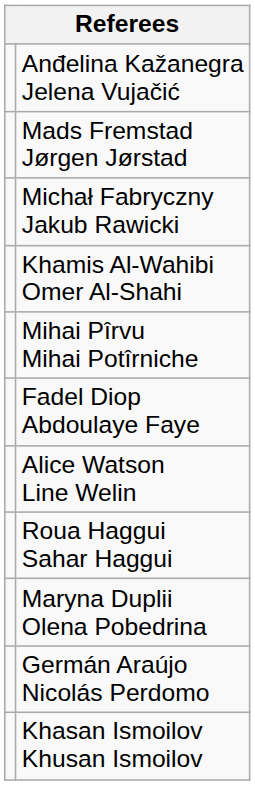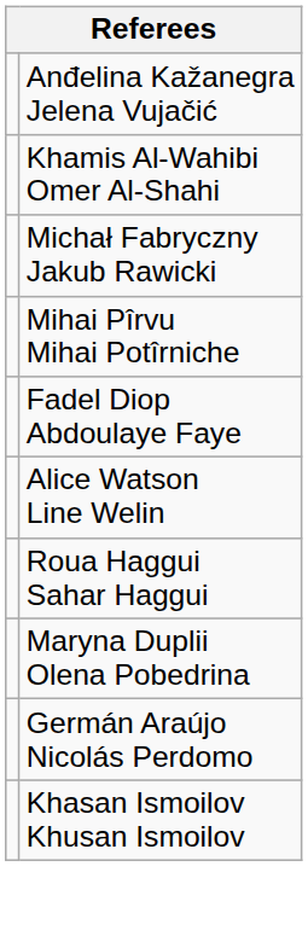 <table class="wikitable" style="display: inline-table;">
 <tr>
 <th colspan="2">Referees</th>
 </tr>
 <tr>
 <td></td>
 <td>Anđelina Kažanegra<br>Jelena Vujačić</td>
 </tr>
 <tr>
 <td></td>
-<td>Mads Fremstad<br>Jørgen Jørstad</td>
+<td>Khamis Al-Wahibi<br>Omer Al-Shahi</td>
 </tr>
 <tr>
 <td></td>
 <td>Michał Fabryczny<br>Jakub Rawicki</td>
-</tr>
-<tr>
-<td></td>
-<td>Khamis Al-Wahibi<br>Omer Al-Shahi</td>
 </tr>
 <tr>
 <td></td>
 <td>Mihai Pîrvu<br>Mihai Potîrniche</td>
 </tr>
 <tr>
 <td></td>
 <td>Fadel Diop<br>Abdoulaye Faye</td>
 </tr>
 <tr>
 <td></td>
 <td>Alice Watson<br>Line Welin</td>
 </tr>
 <tr>
 <td></td>
 <td>Roua Haggui<br>Sahar Haggui</td>
 </tr>
 <tr>
 <td></td>
 <td>Maryna Duplii<br>Olena Pobedrina</td>
 </tr>
 <tr>
 <td></td>
 <td>Germán Araújo<br>Nicolás Perdomo</td>
 </tr>
 <tr>
 <td></td>
 <td>Khasan Ismoilov<br>Khusan Ismoilov</td>
 </tr>
 </table>
